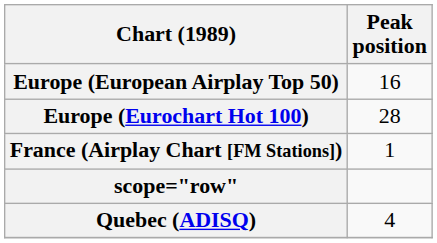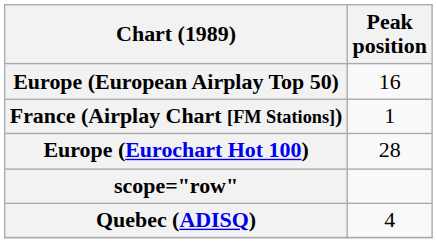 <table class="wikitable sortable plainrowheaders">
 <tr>
 <th>Chart (1989)</th>
 <th>Peak<br>position</th>
 </tr>
 <tr>
 <th scope="row">Europe (European Airplay Top 50)</th>
 <td align="center">16</td>
 </tr>
 <tr>
+<th scope="row">France (Airplay Chart <small>[FM Stations]</small>)</th>
+<td align="center">1</td>
+</tr>
+<tr>
 <th scope="row">Europe (<a href='#'>Eurochart Hot 100</a>)</th>
 <td align="center">28</td>
-</tr>
-<tr>
-<th scope="row">France (Airplay Chart <small>[FM Stations]</small>)</th>
-<td align="center">1</td>
 </tr>
 <tr>
 <th>scope="row"</th>
 </tr>
 <tr>
 <th scope="row">Quebec (<a href='#'>ADISQ</a>)</th>
 <td align="center">4</td>
 </tr>
 <tr>
 </tr>
 </table>
